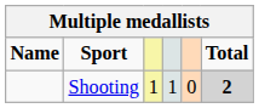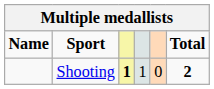 <table class="wikitable" style="font-size:85%">
 <tr style="background:#efefef;">
 <th colspan=7>Multiple medallists</th>
 </tr>
 <tr align=center>
 <td><strong>Name</strong></td>
 <td><strong>Sport</strong></td>
 <td bgcolor=#F7F6A8></td>
 <td bgcolor=#DCE5E5></td>
 <td bgcolor=#FFDAB9></td>
 <td><strong>Total</strong></td>
 </tr>
 <tr align=center>
 <td align=left></td>
 <td><a href='#'>Shooting</a></td>
-<td style="background:#F7F6A8;">1</td>
+<td style="background:#F7F6A8;"><strong>1</strong></td>
 <td style="background:#DCE5E5;">1</td>
 <td style="background:#FFDAB9;">0</td>
-<td style="background: lightgrey;"><strong>2</strong></td>
+<td><strong>2</strong></td>
 </tr>
 </table>
